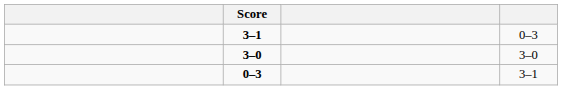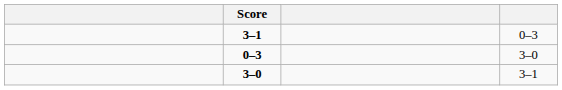 <table class="wikitable" style="text-align: center; ">
 <tr>
 <th align="right" width="270"></th>
 <th width="65">Score</th>
 <th align="left" width="270"></th>
 <th width="65"></th>
 </tr>
 <tr>
 <td align="left"><strong></strong></td>
 <td><strong>3–1</strong></td>
 <td align="left"></td>
 <td>0–3 <strong></strong></td>
 </tr>
 <tr>
 <td align="left"><strong></strong></td>
-<td><strong>3–0</strong></td>
+<td><strong>0–3</strong></td>
 <td align="left"></td>
 <td>3–0 <strong></strong></td>
 </tr>
 <tr>
 <td align="left"></td>
-<td><strong>0–3</strong></td>
+<td><strong>3–0</strong></td>
 <td align="left"><strong></strong></td>
 <td>3–1 <strong></strong></td>
 </tr>
 </table>
